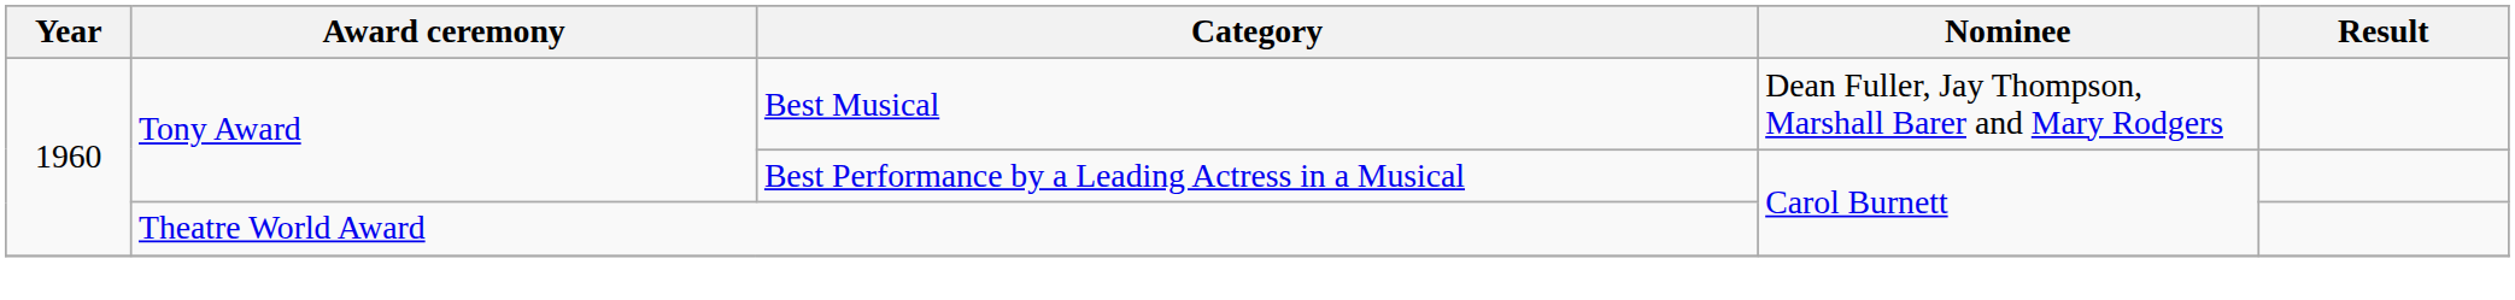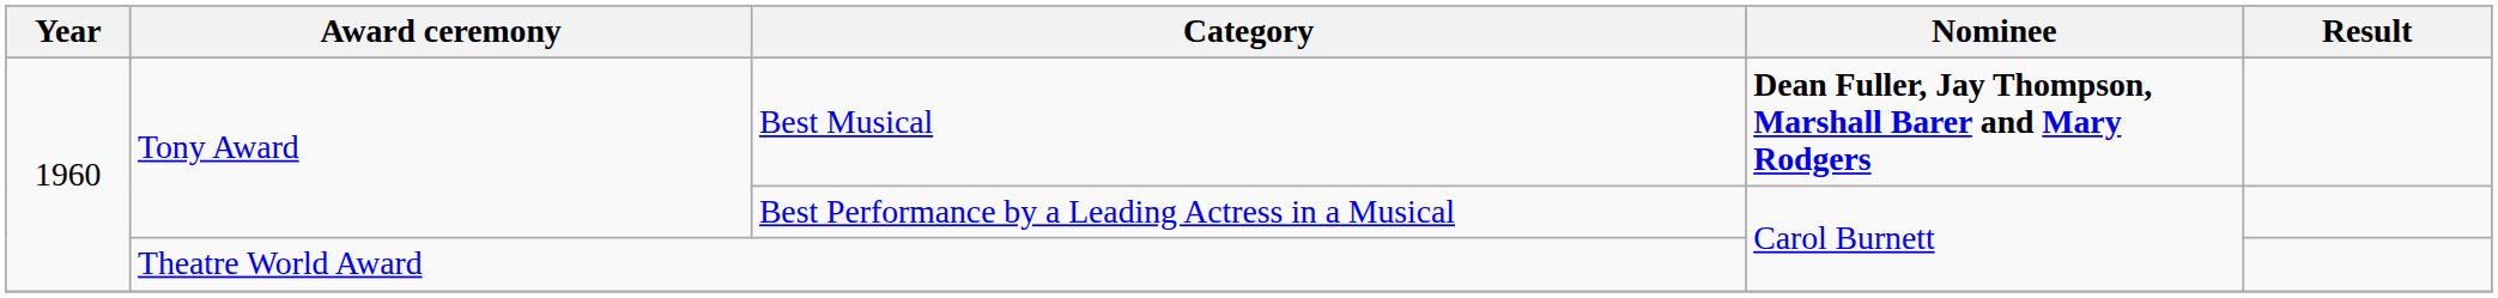 <table class="wikitable" width="95%">
 <tr>
 <th width="5%">Year</th>
 <th width="25%">Award ceremony</th>
 <th width="40%">Category</th>
 <th width="20%">Nominee</th>
 <th width="10%">Result</th>
 </tr>
 <tr>
 <td rowspan="3" align="center">1960</td>
 <td rowspan="2"><a href='#'>Tony Award</a></td>
 <td><a href='#'>Best Musical</a></td>
-<td>Dean Fuller, Jay Thompson, <a href='#'>Marshall Barer</a> and <a href='#'>Mary Rodgers</a></td>
+<td><strong>Dean Fuller, Jay Thompson, <a href='#'>Marshall Barer</a> and <a href='#'>Mary Rodgers</a></strong></td>
 <td></td>
 </tr>
 <tr>
 <td><a href='#'>Best Performance by a Leading Actress in a Musical</a></td>
 <td rowspan=2><a href='#'>Carol Burnett</a></td>
 <td></td>
 </tr>
 <tr>
 <td colspan="2"><a href='#'>Theatre World Award</a></td>
 <td></td>
 </tr>
 <tr>
 </tr>
 </table>
